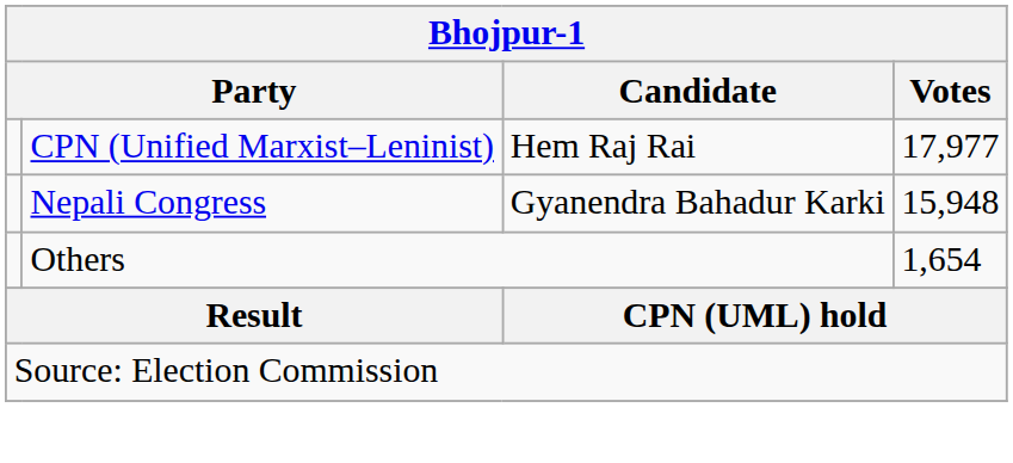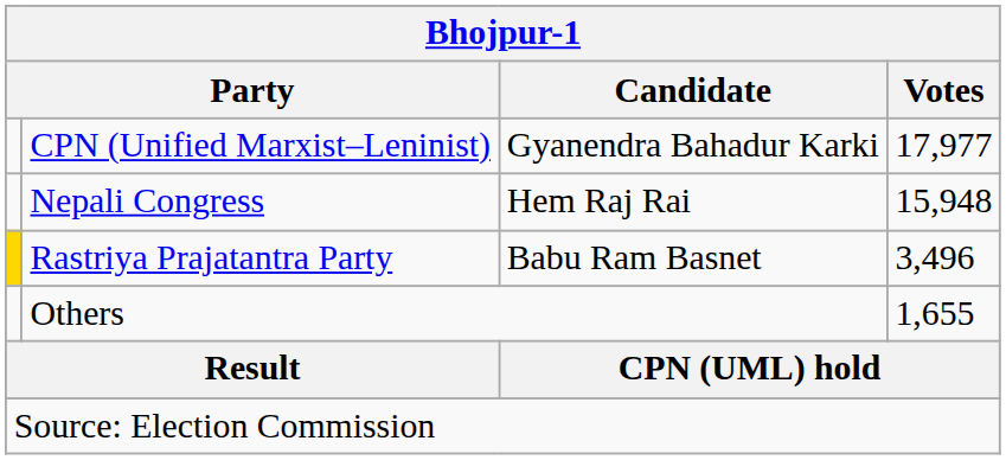 <table class="wikitable">
 <tr>
 <th colspan="4"><a href='#'>Bhojpur-1</a></th>
 </tr>
 <tr>
 <th colspan="2">Party</th>
 <th>Candidate</th>
 <th>Votes</th>
 </tr>
 <tr>
 <td style="background-color:"></td>
 <td><a href='#'>CPN (Unified Marxist–Leninist)</a></td>
-<td>Hem Raj Rai</td>
+<td>Gyanendra Bahadur Karki</td>
 <td>17,977</td>
 </tr>
 <tr>
 <td style="background-color:"></td>
 <td><a href='#'>Nepali Congress</a></td>
-<td>Gyanendra Bahadur Karki</td>
+<td>Hem Raj Rai</td>
 <td>15,948</td>
+</tr>
+<tr>
+<td style="background-color:gold"></td>
+<td><a href='#'>Rastriya Prajatantra Party</a></td>
+<td>Babu Ram Basnet</td>
+<td>3,496</td>
 </tr>
 <tr>
 <td></td>
 <td colspan="2">Others</td>
-<td>1,654</td>
+<td>1,655</td>
 </tr>
 <tr>
 <th colspan="2">Result</th>
 <th colspan="2">CPN (UML) hold</th>
 </tr>
 <tr>
 <td colspan="4">Source: Election Commission</td>
 </tr>
 </table>
